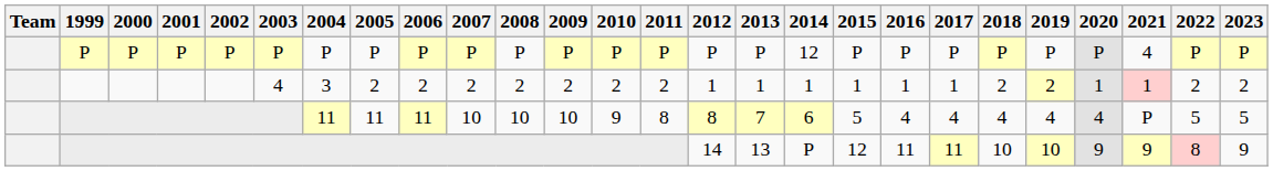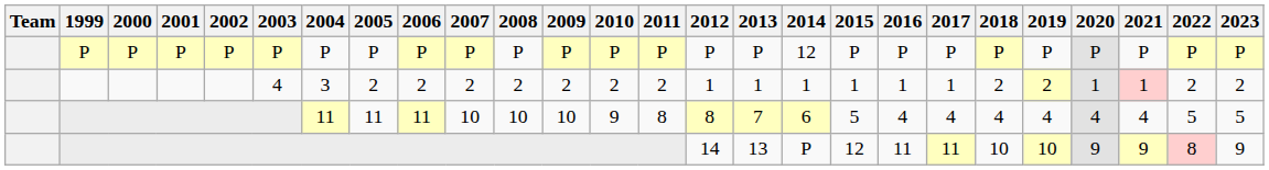 <table class="wikitable" style="font-size:85%; text-align: center;">
 <tr>
 <th scope="col">Team</th>
 <th scope="col">1999</th>
 <th scope="col">2000</th>
 <th scope="col">2001</th>
 <th scope="col">2002</th>
 <th scope="col">2003</th>
 <th scope="col">2004</th>
 <th scope="col">2005</th>
 <th scope="col">2006</th>
 <th scope="col">2007</th>
 <th scope="col">2008</th>
 <th scope="col">2009</th>
 <th scope="col">2010</th>
 <th scope="col">2011</th>
 <th scope="col">2012</th>
 <th scope="col">2013</th>
 <th scope="col">2014</th>
 <th scope="col">2015</th>
 <th scope="col">2016</th>
 <th scope="col">2017</th>
 <th scope="col">2018</th>
 <th scope="col">2019</th>
 <th scope="col">2020</th>
 <th scope="col">2021</th>
 <th scope="col">2022</th>
 <th scope="col">2023</th>
 </tr>
 <tr>
 <th scope="row"></th>
 <td bgcolor="#ffffbf">P</td>
 <td bgcolor="#ffffbf">P</td>
 <td bgcolor="#ffffbf">P</td>
 <td bgcolor="#ffffbf">P</td>
 <td bgcolor="#ffffbf">P</td>
 <td>P</td>
 <td>P</td>
 <td bgcolor="#ffffbf">P</td>
 <td bgcolor="#ffffbf">P</td>
 <td>P</td>
 <td bgcolor="#ffffbf">P</td>
 <td bgcolor="#ffffbf">P</td>
 <td bgcolor="#ffffbf">P</td>
 <td>P</td>
 <td>P</td>
 <td>12</td>
 <td>P</td>
 <td>P</td>
 <td>P</td>
 <td bgcolor="#ffffbf">P</td>
 <td>P</td>
 <td bgcolor="#e2e2e2">P</td>
-<td>4</td>
+<td>P</td>
 <td bgcolor="#ffffbf">P</td>
 <td bgcolor="#ffffbf">P</td>
 </tr>
 <tr>
 <th scope="row"></th>
 <td></td>
 <td></td>
 <td></td>
 <td></td>
 <td>4</td>
 <td>3</td>
 <td>2</td>
 <td>2</td>
 <td>2</td>
 <td>2</td>
 <td>2</td>
 <td>2</td>
 <td>2</td>
 <td>1</td>
 <td>1</td>
 <td>1</td>
 <td>1</td>
 <td>1</td>
 <td>1</td>
 <td>2</td>
 <td bgcolor="#ffffbf">2</td>
 <td bgcolor="#e2e2e2">1</td>
 <td bgcolor="#ffcfcf">1</td>
 <td>2</td>
 <td>2</td>
 </tr>
 <tr>
 <th scope="row"></th>
 <td bgcolor="#ececec" colspan="5"></td>
 <td bgcolor="#ffffbf">11</td>
 <td>11</td>
 <td bgcolor="#ffffbf">11</td>
 <td>10</td>
 <td>10</td>
 <td>10</td>
 <td>9</td>
 <td>8</td>
 <td bgcolor="#ffffbf">8</td>
 <td bgcolor="#ffffbf">7</td>
 <td bgcolor="#ffffbf">6</td>
 <td>5</td>
 <td>4</td>
 <td>4</td>
 <td>4</td>
 <td>4</td>
 <td bgcolor="#e2e2e2">4</td>
-<td>P</td>
+<td>4</td>
 <td>5</td>
 <td>5</td>
 </tr>
 <tr>
 <th scope="row"></th>
 <td bgcolor="#ececec" colspan="13"></td>
 <td>14</td>
 <td>13</td>
 <td>P</td>
 <td>12</td>
 <td>11</td>
 <td bgcolor="#ffffbf">11</td>
 <td>10</td>
 <td bgcolor="#ffffbf">10</td>
 <td bgcolor="#e2e2e2">9</td>
 <td bgcolor="#ffffbf">9</td>
 <td bgcolor="#ffcfcf">8</td>
 <td>9</td>
 </tr>
 </table>
